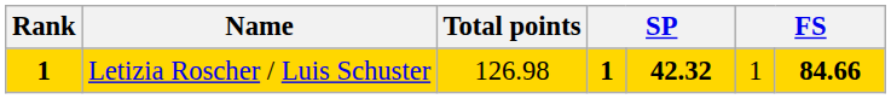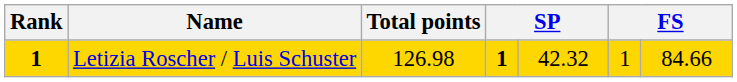 <table class="wikitable sortable">
 <tr>
 <th>Rank</th>
 <th>Name</th>
 <th>Total points</th>
 <th colspan="2" width="80px"><a href='#'>SP</a></th>
 <th colspan="2" width="80px"><a href='#'>FS</a></th>
 </tr>
 <tr bgcolor="gold">
 <td align="center"><strong>1</strong></td>
 <td><a href='#'>Letizia Roscher</a> / <a href='#'>Luis Schuster</a></td>
 <td align="center">126.98</td>
 <td align="center"><strong>1</strong></td>
-<td align="center"><strong>42.32</strong></td>
+<td align="center">42.32</td>
 <td align="center">1</td>
-<td align="center"><strong>84.66</strong></td>
+<td align="center">84.66</td>
 </tr>
 </table>
